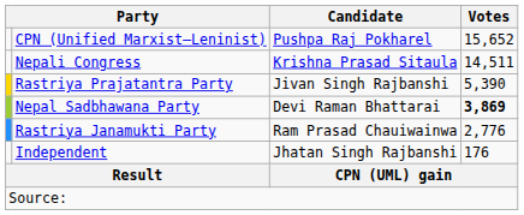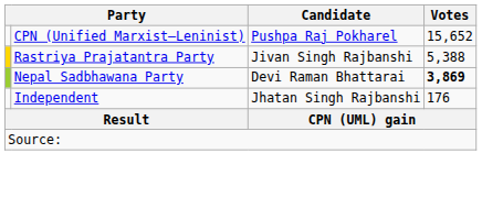 <table class="wikitable">
 <tr>
 <th colspan="2">Party</th>
 <th>Candidate</th>
 <th>Votes</th>
 </tr>
 <tr>
 <td style="background-color:"></td>
 <td><a href='#'>CPN (Unified Marxist–Leninist)</a></td>
 <td><a href='#'>Pushpa Raj Pokharel</a></td>
 <td>15,652</td>
 </tr>
 <tr>
-<td style="background-color:"></td>
-<td><a href='#'>Nepali Congress</a></td>
-<td><a href='#'>Krishna Prasad Sitaula</a></td>
-<td>14,511</td>
-</tr>
-<tr>
 <td style="background-color:gold"></td>
 <td><a href='#'>Rastriya Prajatantra Party</a></td>
 <td>Jivan Singh Rajbanshi</td>
-<td>5,390</td>
+<td>5,388</td>
 </tr>
 <tr>
 <td style="background-color:yellowgreen"></td>
 <td><a href='#'>Nepal Sadbhawana Party</a></td>
 <td>Devi Raman Bhattarai</td>
 <td><strong>3,869</strong></td>
-</tr>
-<tr>
-<td style="background-color:dodgerblue"></td>
-<td><a href='#'>Rastriya Janamukti Party</a></td>
-<td>Ram Prasad Chauiwainwa</td>
-<td>2,776</td>
 </tr>
 <tr>
 <td></td>
 <td><a href='#'>Independent</a></td>
 <td>Jhatan Singh Rajbanshi</td>
 <td>176</td>
 </tr>
 <tr>
 <th colspan="2">Result</th>
 <th colspan="2">CPN (UML) gain</th>
 </tr>
 <tr>
 <td colspan="4">Source: </td>
 </tr>
 </table>
